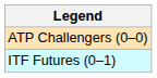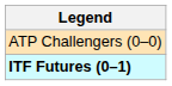 <table class=wikitable style=font-size:97%>
 <tr>
 <th>Legend</th>
 </tr>
 <tr style="background:moccasin;">
 <td>ATP Challengers (0–0)</td>
 </tr>
 <tr style="background:#cffcff;">
-<td>ITF Futures (0–1)</td>
+<td><strong>ITF Futures (0–1)</strong></td>
 </tr>
 </table>
